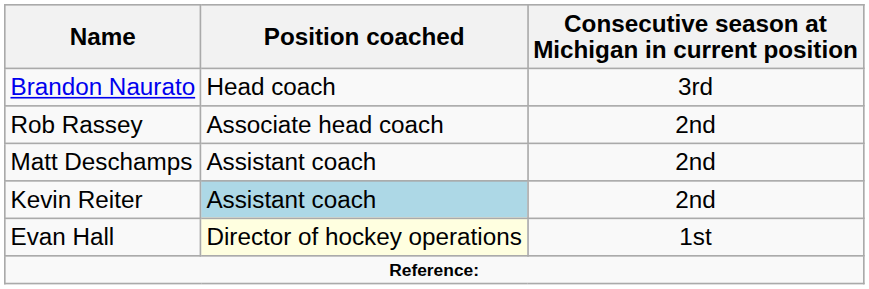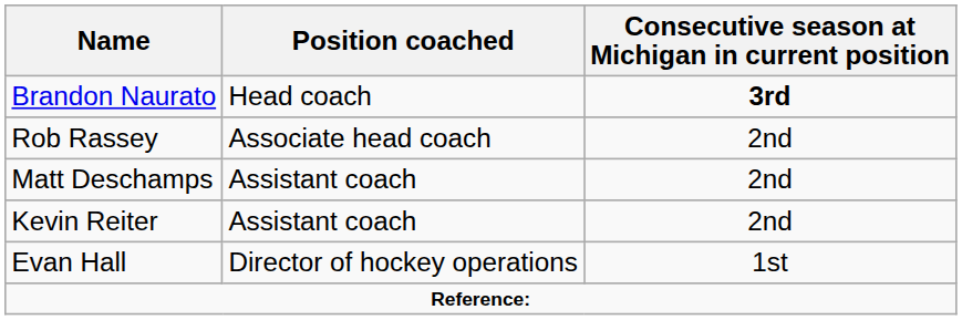 <table class="wikitable" style="font-size:93%;">
 <tr>
 <th>Name</th>
 <th>Position coached</th>
 <th>Consecutive season at<br>Michigan in current position</th>
 </tr>
 <tr>
 <td><a href='#'>Brandon Naurato</a></td>
 <td>Head coach</td>
-<td align=center>3rd</td>
+<td align=center><strong>3rd</strong></td>
 </tr>
 <tr>
 <td>Rob Rassey</td>
 <td>Associate head coach</td>
 <td align=center>2nd</td>
 </tr>
 <tr>
 <td>Matt Deschamps</td>
 <td>Assistant coach</td>
 <td align=center>2nd</td>
 </tr>
 <tr>
 <td>Kevin Reiter</td>
-<td style="background: lightblue;">Assistant coach</td>
+<td>Assistant coach</td>
 <td align=center>2nd</td>
 </tr>
 <tr>
 <td>Evan Hall</td>
-<td style="background: lightyellow;">Director of hockey operations</td>
+<td>Director of hockey operations</td>
 <td align=center>1st</td>
 </tr>
 <tr>
 <td colspan="4"  style="font-size:8pt; text-align:center;"><strong>Reference:</strong></td>
 </tr>
 </table>
